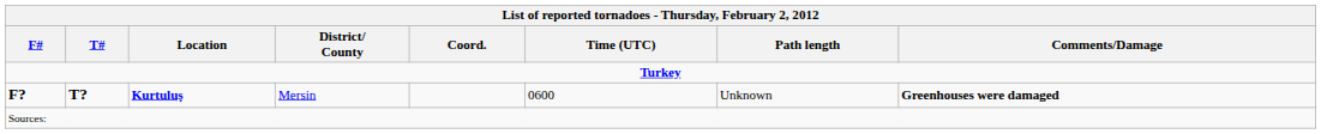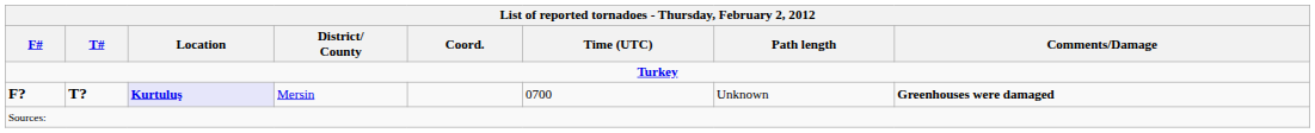 <table class="wikitable collapsible" width="100%">
 <tr>
 <th colspan="8">List of reported tornadoes - Thursday, February 2, 2012</th>
 </tr>
 <tr>
 <th><a href='#'>F#</a></th>
 <th><a href='#'>T#</a></th>
 <th>Location</th>
 <th>District/<br>County</th>
 <th>Coord.</th>
 <th>Time (UTC)</th>
 <th>Path length</th>
 <th>Comments/Damage</th>
 </tr>
 <tr>
 <td colspan="8" align=center><strong><a href='#'>Turkey</a></strong></td>
 </tr>
 <tr>
 <td><big><strong>F?</strong></big></td>
 <td><big><strong>T?</strong></big></td>
-<td><strong><a href='#'>Kurtuluş</a></strong></td>
+<td style="background: lavender;"><strong><a href='#'>Kurtuluş</a></strong></td>
 <td><a href='#'>Mersin</a></td>
 <td></td>
-<td>0600</td>
+<td>0700</td>
 <td>Unknown</td>
 <td><strong>Greenhouses were damaged</strong></td>
 </tr>
 <tr>
 <td colspan="8"><small>Sources:  </small></td>
 </tr>
 </table>
